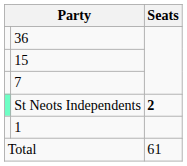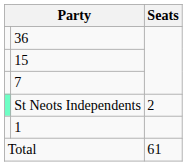 <table class="wikitable">
 <tr>
 <th colspan=2>Party</th>
 <th>Seats</th>
 </tr>
 <tr>
 <td></td>
 <td>36</td>
 </tr>
 <tr>
 <td></td>
 <td>15</td>
 </tr>
 <tr>
 <td></td>
 <td>7</td>
 </tr>
 <tr>
 <td style="background-color: #6EFFC5"></td>
 <td>St Neots Independents</td>
-<td><strong>2</strong></td>
+<td>2</td>
 </tr>
 <tr>
 <td></td>
 <td>1</td>
 </tr>
 <tr>
 <td colspan=2>Total</td>
 <td>61</td>
 </tr>
 </table>
